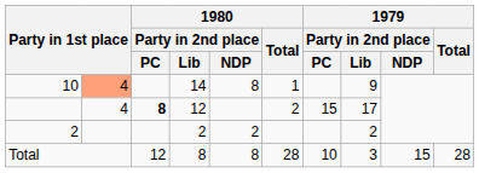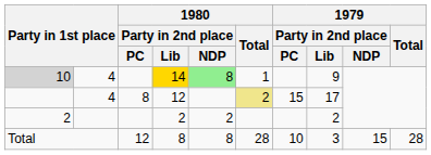 <table class="wikitable" style="text-align:right;">
 <tr>
 <th rowspan="3" colspan="2" style="text-align:left;">Party in 1st place</th>
 <th colspan="4">1980</th>
 <th colspan="4">1979</th>
 </tr>
 <tr>
 <th colspan="3">Party in 2nd place</th>
 <th rowspan="2">Total</th>
 <th colspan="3">Party in 2nd place</th>
 <th rowspan="2">Total</th>
 </tr>
 <tr>
 <th>PC</th>
 <th>Lib</th>
 <th>NDP</th>
 <th>PC</th>
 <th>Lib</th>
 <th>NDP</th>
 </tr>
 <tr>
-<td>10</td>
-<td style="background: lightsalmon;">4</td>
+<td style="background: lightgrey;">10</td>
+<td>4</td>
 <td></td>
-<td>14</td>
-<td>8</td>
+<td style="background: gold;">14</td>
+<td style="background: lightgreen;">8</td>
 <td>1</td>
 <td></td>
 <td>9</td>
 </tr>
 <tr>
 <td></td>
 <td>4</td>
-<td><strong>8</strong></td>
+<td>8</td>
 <td>12</td>
 <td></td>
-<td>2</td>
+<td style="background: khaki;">2</td>
 <td>15</td>
 <td>17</td>
 </tr>
 <tr>
 <td>2</td>
 <td></td>
 <td></td>
 <td>2</td>
 <td>2</td>
 <td></td>
 <td></td>
 <td>2</td>
 </tr>
 <tr>
 <td colspan="2" style="text-align:left;">Total</td>
 <td>12</td>
 <td>8</td>
 <td>8</td>
 <td>28</td>
 <td>10</td>
 <td>3</td>
 <td>15</td>
 <td>28</td>
 </tr>
 </table>
